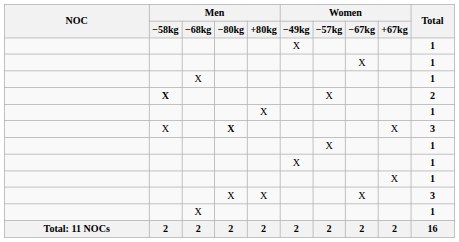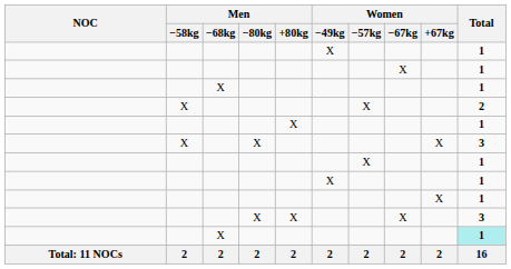 <table class="wikitable" style="text-align:center; font-size:90%">
 <tr>
 <th rowspan="2" width=200 align="left">NOC</th>
 <th colspan="4">Men</th>
 <th colspan="4">Women</th>
 <th width=55 rowspan="2">Total</th>
 </tr>
 <tr>
 <th width=40>−58kg</th>
 <th width=40>−68kg</th>
 <th width=40>−80kg</th>
 <th width=40>+80kg</th>
 <th width=40>−49kg</th>
 <th width=40>−57kg</th>
 <th width=40>−67kg</th>
 <th width=40>+67kg</th>
 </tr>
 <tr>
 <td align="left"></td>
 <td></td>
 <td></td>
 <td></td>
 <td></td>
 <td>X</td>
 <td></td>
 <td></td>
 <td></td>
 <td><strong>1</strong></td>
 </tr>
 <tr>
 <td align="left"></td>
 <td></td>
 <td></td>
 <td></td>
 <td></td>
 <td></td>
 <td></td>
 <td>X</td>
 <td></td>
 <td><strong>1</strong></td>
 </tr>
 <tr>
 <td align="left"></td>
 <td></td>
 <td>X</td>
 <td></td>
 <td></td>
 <td></td>
 <td></td>
 <td></td>
 <td></td>
 <td><strong>1</strong></td>
 </tr>
 <tr>
 <td align="left"></td>
-<td><strong>X</strong></td>
+<td>X</td>
 <td></td>
 <td></td>
 <td></td>
 <td></td>
 <td>X</td>
 <td></td>
 <td></td>
 <td><strong>2</strong></td>
 </tr>
 <tr>
 <td align="left"></td>
 <td></td>
 <td></td>
 <td></td>
 <td>X</td>
 <td></td>
 <td></td>
 <td></td>
 <td></td>
 <td><strong>1</strong></td>
 </tr>
 <tr>
 <td align="left"></td>
 <td>X</td>
 <td></td>
-<td><strong>X</strong></td>
+<td>X</td>
 <td></td>
 <td></td>
 <td></td>
 <td></td>
 <td>X</td>
 <td><strong>3</strong></td>
 </tr>
 <tr>
 <td align="left"></td>
 <td></td>
 <td></td>
 <td></td>
 <td></td>
 <td></td>
 <td>X</td>
 <td></td>
 <td></td>
 <td><strong>1</strong></td>
 </tr>
 <tr>
 <td align="left"></td>
 <td></td>
 <td></td>
 <td></td>
 <td></td>
 <td>X</td>
 <td></td>
 <td></td>
 <td></td>
 <td><strong>1</strong></td>
 </tr>
 <tr>
 <td align="left"></td>
 <td></td>
 <td></td>
 <td></td>
 <td></td>
 <td></td>
 <td></td>
 <td></td>
 <td>X</td>
 <td><strong>1</strong></td>
 </tr>
 <tr>
 <td align="left"></td>
 <td></td>
 <td></td>
 <td>X</td>
 <td>X</td>
 <td></td>
 <td></td>
 <td>X</td>
 <td></td>
 <td><strong>3</strong></td>
 </tr>
 <tr>
 <td align="left"></td>
 <td></td>
 <td>X</td>
 <td></td>
 <td></td>
 <td></td>
 <td></td>
 <td></td>
 <td></td>
-<td><strong>1</strong></td>
+<td style="background: paleturquoise;"><strong>1</strong></td>
 </tr>
 <tr>
 <th>Total: 11 NOCs</th>
 <th>2</th>
 <th>2</th>
 <th>2</th>
 <th>2</th>
 <th>2</th>
 <th>2</th>
 <th>2</th>
 <th>2</th>
 <th>16</th>
 </tr>
 </table>
